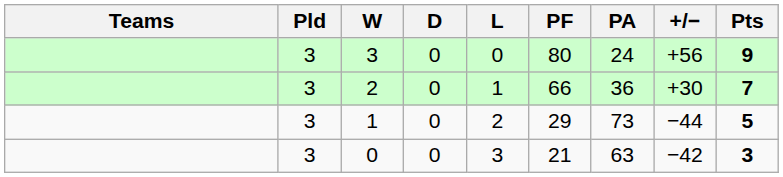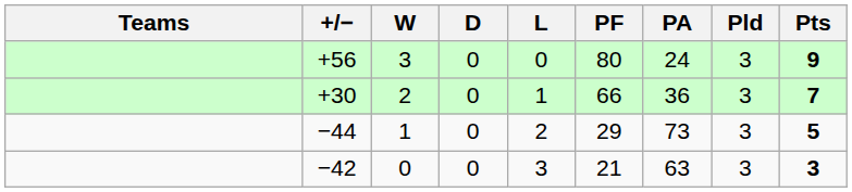 <table class="wikitable" style="text-align: center;">
 <tr>
 <th width="200">Teams</th>
-<th width="40">Pld</th>
+<th width="40">+/−</th>
 <th width="40">W</th>
 <th width="40">D</th>
 <th width="40">L</th>
 <th width="40">PF</th>
 <th width="40">PA</th>
-<th width="40">+/−</th>
+<th width="40">Pld</th>
 <th width="40">Pts</th>
 </tr>
 <tr bgcolor=ccffcc>
 <td align=left></td>
-<td>3</td>
+<td>+56</td>
 <td>3</td>
 <td>0</td>
 <td>0</td>
 <td>80</td>
 <td>24</td>
-<td>+56</td>
+<td>3</td>
 <td><strong>9</strong></td>
 </tr>
 <tr bgcolor=ccffcc>
 <td align=left></td>
-<td>3</td>
+<td>+30</td>
 <td>2</td>
 <td>0</td>
 <td>1</td>
 <td>66</td>
 <td>36</td>
-<td>+30</td>
+<td>3</td>
 <td><strong>7</strong></td>
 </tr>
 <tr>
 <td align=left></td>
-<td>3</td>
+<td>−44</td>
 <td>1</td>
 <td>0</td>
 <td>2</td>
 <td>29</td>
 <td>73</td>
-<td>−44</td>
+<td>3</td>
 <td><strong>5</strong></td>
 </tr>
 <tr>
 <td align=left></td>
-<td>3</td>
+<td>−42</td>
 <td>0</td>
 <td>0</td>
 <td>3</td>
 <td>21</td>
 <td>63</td>
-<td>−42</td>
+<td>3</td>
 <td><strong>3</strong></td>
 </tr>
 </table>
